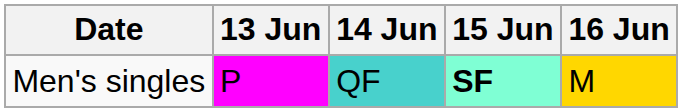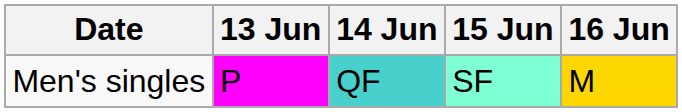 <table class="wikitable olympic-schedule Badminton">
 <tr>
 <th>Date</th>
 <th colspan="2">13 Jun</th>
 <th>14 Jun</th>
 <th>15 Jun</th>
 <th>16 Jun</th>
 </tr>
 <tr>
 <td class="event">Men's singles</td>
 <td colspan="2" bgcolor="#FF00FF" class="prelims">P</td>
 <td bgcolor="#48D1CC" class="quarterfinals">QF</td>
-<td bgcolor="#7FFFD4" class="semifinals"><strong>SF</strong></td>
+<td bgcolor="#7FFFD4" class="semifinals">SF</td>
 <td bgcolor="gold" class="finals">M</td>
 </tr>
 </table>
